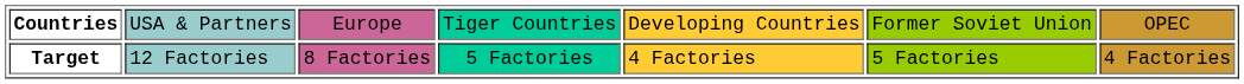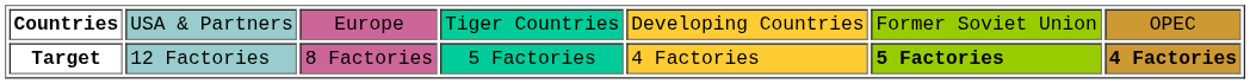 <table border="1" cellpadding="2">
 <tr>
 <td><strong>Countries</strong></td>
 <td style="background-color: #99CCCC; text-align:center">USA & Partners</td>
 <td style="background-color: #CC6699; text-align:center">Europe</td>
 <td style="background-color: #00CC99; text-align:center">Tiger Countries</td>
 <td style="background-color: #FFCC33; text-align:center">Developing Countries</td>
 <td style="background-color: #99CC00; text-align:center">Former Soviet Union</td>
 <td style="background-color: #CC9933; text-align:center">OPEC</td>
 </tr>
 <tr>
 <td style=text-align:center><strong>Target</strong></td>
 <td style="background-color: #99CCCC">12 Factories</td>
 <td style="background-color: #CC6699; text-align:center">8 Factories</td>
 <td style="background-color: #00CC99; text-align:center">5 Factories</td>
 <td style="background-color: #FFCC33">4 Factories</td>
-<td style="background-color: #99CC00">5 Factories</td>
-<td style="background-color: #CC9933">4 Factories</td>
+<td style="background-color: #99CC00"><strong>5 Factories</strong></td>
+<td style="background-color: #CC9933"><strong>4 Factories</strong></td>
 </tr>
 </table>
